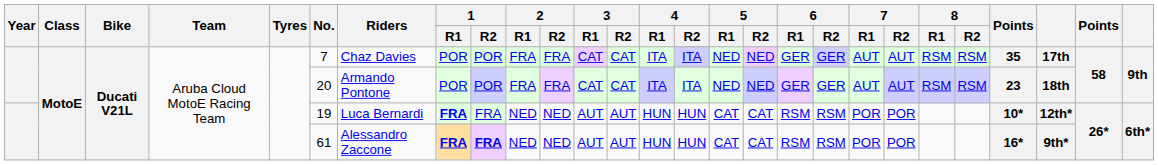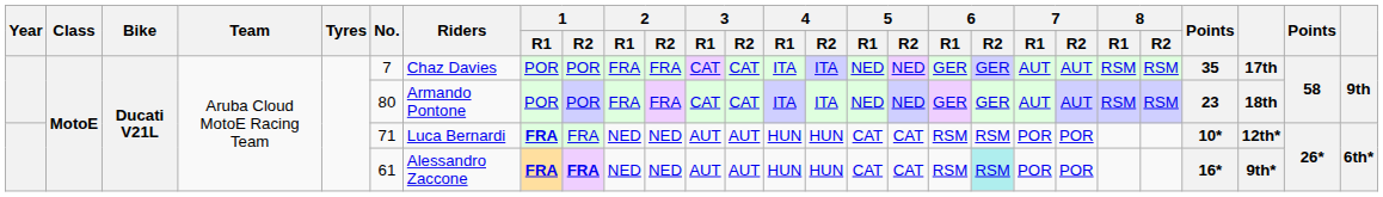 <table class="wikitable" style="text-align:center; font-size:90%;">
 <tr>
 <th rowspan="2">Year</th>
 <th rowspan="2">Class</th>
 <th rowspan="2">Bike</th>
 <th rowspan="2">Team</th>
 <th rowspan="2">Tyres</th>
 <th rowspan="2">No.</th>
 <th rowspan="2">Riders</th>
 <th colspan="2">1</th>
 <th colspan="2">2</th>
 <th colspan="2">3</th>
 <th colspan="2">4</th>
 <th colspan="2">5</th>
 <th colspan="2">6</th>
 <th colspan="2">7</th>
 <th colspan="2">8</th>
 <th rowspan="2">Points</th>
 <th rowspan="2"></th>
 <th rowspan="2">Points</th>
 <th rowspan="2"></th>
 </tr>
 <tr>
 <th>R1</th>
 <th>R2</th>
 <th>R1</th>
 <th>R2</th>
 <th>R1</th>
 <th>R2</th>
 <th>R1</th>
 <th>R2</th>
 <th>R1</th>
 <th>R2</th>
 <th>R1</th>
 <th>R2</th>
 <th>R1</th>
 <th>R2</th>
 <th>R1</th>
 <th>R2</th>
 </tr>
 <tr>
 <th rowspan="2"></th>
 <th rowspan="4">MotoE</th>
 <th rowspan="4">Ducati V21L</th>
 <td rowspan="4">Aruba Cloud MotoE Racing Team</td>
 <td rowspan="4"></td>
 <td>7</td>
 <td align="left"> <a href='#'>Chaz Davies</a></td>
 <td style="background:#DFFFDF;"><a href='#'>POR</a><br></td>
 <td style="background:#DFFFDF;"><a href='#'>POR</a><br></td>
 <td style="background:#DFFFDF;"><a href='#'>FRA</a><br></td>
 <td style="background:#DFFFDF;"><a href='#'>FRA</a><br></td>
 <td style="background:#EFCFFF;"><a href='#'>CAT</a><br></td>
 <td style="background:#DFFFDF;"><a href='#'>CAT</a><br></td>
 <td style="background:#DFFFDF;"><a href='#'>ITA</a><br></td>
 <td style="background:#CFCFFF;"><a href='#'>ITA</a><br></td>
 <td style="background:#DFFFDF;"><a href='#'>NED</a><br></td>
 <td style="background:#EFCFFF;"><a href='#'>NED</a><br></td>
 <td style="background:#DFFFDF;"><a href='#'>GER</a><br></td>
 <td style="background:#CFCFFF;"><a href='#'>GER</a><br></td>
 <td style="background:#DFFFDF;"><a href='#'>AUT</a><br></td>
 <td style="background:#DFFFDF;"><a href='#'>AUT</a><br></td>
 <td style="background:#DFFFDF;"><a href='#'>RSM</a><br></td>
 <td style="background:#DFFFDF;"><a href='#'>RSM</a><br></td>
 <th>35</th>
 <th>17th</th>
 <th rowspan="2">58</th>
 <th rowspan="2">9th</th>
 </tr>
 <tr>
-<td>20</td>
+<td>80</td>
 <td align="left"> <a href='#'>Armando Pontone</a></td>
 <td style="background:#DFFFDF;"><a href='#'>POR</a><br></td>
 <td style="background:#CFCFFF;"><a href='#'>POR</a><br></td>
 <td style="background:#DFFFDF;"><a href='#'>FRA</a><br></td>
 <td style="background:#EFCFFF;"><a href='#'>FRA</a><br></td>
 <td style="background:#DFFFDF;"><a href='#'>CAT</a><br></td>
 <td style="background:#DFFFDF;"><a href='#'>CAT</a><br></td>
 <td style="background:#CFCFFF;"><a href='#'>ITA</a><br></td>
 <td style="background:#DFFFDF;"><a href='#'>ITA</a><br></td>
 <td style="background:#DFFFDF;"><a href='#'>NED</a><br></td>
 <td style="background:#CFCFFF;"><a href='#'>NED</a><br></td>
 <td style="background:#EFCFFF;"><a href='#'>GER</a><br></td>
 <td style="background:#DFFFDF;"><a href='#'>GER</a><br></td>
 <td style="background:#DFFFDF;"><a href='#'>AUT</a><br></td>
 <td style="background:#CFCFFF;"><a href='#'>AUT</a><br></td>
 <td style="background:#CFCFFF;"><a href='#'>RSM</a><br></td>
 <td style="background:#CFCFFF;"><a href='#'>RSM</a><br></td>
 <th>23</th>
 <th>18th</th>
 </tr>
 <tr>
 <th rowspan="2"></th>
-<td>19</td>
+<td>71</td>
 <td align="left"> <a href='#'>Luca Bernardi</a></td>
 <td style="background:#DFFFDF;"><strong><a href='#'>FRA</a><br></strong></td>
 <td style="background:#DFFFDF;"><a href='#'>FRA</a><br></td>
 <td><a href='#'>NED</a></td>
 <td><a href='#'>NED</a></td>
 <td><a href='#'>AUT</a></td>
 <td><a href='#'>AUT</a></td>
 <td><a href='#'>HUN</a></td>
 <td><a href='#'>HUN</a></td>
 <td><a href='#'>CAT</a></td>
 <td><a href='#'>CAT</a></td>
 <td><a href='#'>RSM</a></td>
 <td><a href='#'>RSM</a></td>
 <td><a href='#'>POR</a></td>
 <td><a href='#'>POR</a></td>
 <td></td>
 <td></td>
 <th>10*</th>
 <th>12th*</th>
 <th rowspan="2">26*</th>
 <th rowspan="2">6th*</th>
 </tr>
 <tr>
 <td>61</td>
 <td align="left"> <a href='#'>Alessandro Zaccone</a></td>
 <td style="background:#FFDF9F;"><strong><a href='#'>FRA</a></strong><br></td>
 <td style="background:#EFCFFF;"><strong><a href='#'>FRA</a></strong><br></td>
 <td><a href='#'>NED</a></td>
 <td><a href='#'>NED</a></td>
 <td><a href='#'>AUT</a></td>
 <td><a href='#'>AUT</a></td>
 <td><a href='#'>HUN</a></td>
 <td><a href='#'>HUN</a></td>
 <td><a href='#'>CAT</a></td>
 <td><a href='#'>CAT</a></td>
 <td><a href='#'>RSM</a></td>
-<td><a href='#'>RSM</a></td>
+<td style="background: paleturquoise;"><a href='#'>RSM</a></td>
 <td><a href='#'>POR</a></td>
 <td><a href='#'>POR</a></td>
 <td></td>
 <td></td>
 <th>16*</th>
 <th>9th*</th>
 </tr>
 </table>
